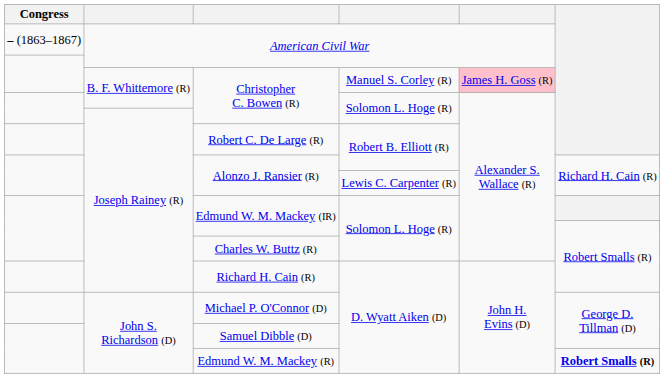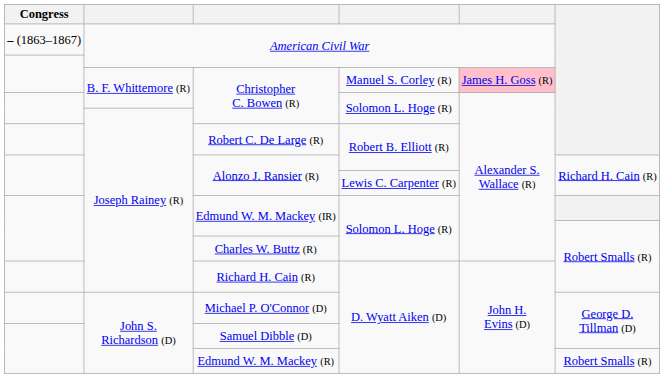 <table class="wikitable" style="text-align:center">
 <tr>
 <th>Congress</th>
 <th></th>
 <th></th>
 <th></th>
 <th></th>
 <th rowspan=7 style=vertical-align:bottom></th>
 </tr>
 <tr style="height:2.5em">
 <td><strong>–</strong> (1863–1867)</td>
 <td colspan="4" rowspan="2"><em><a href='#'>American Civil War</a></em></td>
 </tr>
 <tr style="height:1em">
 <td rowspan="2"><strong></strong> </td>
 </tr>
 <tr style="height:2em">
 <td rowspan="2" ><a href='#'>B. F. Whittemore</a> <small>(R)</small></td>
 <td rowspan="3" ><a href='#'>Christopher<br>C. Bowen</a> <small>(R)</small></td>
 <td><a href='#'>Manuel S. Corley</a> <small>(R)</small></td>
 <td style="background: pink;"><a href='#'>James H. Goss</a> <small>(R)</small></td>
 </tr>
 <tr style="height:1.25em">
 <td rowspan="2"><strong></strong> </td>
 <td rowspan="2" ><a href='#'>Solomon L. Hoge</a> <small>(R)</small></td>
 <td rowspan="8" ><a href='#'>Alexander S.<br>Wallace</a> <small>(R)</small></td>
 </tr>
 <tr style="height:1.25em">
 <td rowspan="8" ><a href='#'>Joseph Rainey</a> <small>(R)</small></td>
 </tr>
 <tr style="height:2.5em">
 <td><strong></strong> </td>
 <td><a href='#'>Robert C. De Large</a> <small>(R)</small></td>
 <td rowspan="2" ><a href='#'>Robert B. Elliott</a> <small>(R)</small></td>
 </tr>
 <tr style="height:1.25em">
 <td rowspan="2"><strong></strong> </td>
 <td rowspan="2" ><a href='#'>Alonzo J. Ransier</a> <small>(R)</small></td>
 <td rowspan="2" ><a href='#'>Richard H. Cain</a> <small>(R)</small></td>
 </tr>
 <tr style="height:2em">
 <td><a href='#'>Lewis C. Carpenter</a> <small>(R)</small></td>
 </tr>
 <tr style="height:2em">
 <td rowspan="3"><strong></strong> </td>
 <td rowspan="2" ><a href='#'>Edmund W. M. Mackey</a> <small>(IR)</small></td>
 <td rowspan="3" ><a href='#'>Solomon L. Hoge</a> <small>(R)</small></td>
 <th></th>
 </tr>
 <tr style="height:1.25em">
 <td rowspan="3" ><a href='#'>Robert Smalls</a> <small>(R)</small></td>
 </tr>
 <tr style="height:2em">
 <td><a href='#'>Charles W. Buttz</a> <small>(R)</small></td>
 </tr>
 <tr style="height:2.5em">
 <td><strong></strong> </td>
 <td><a href='#'>Richard H. Cain</a> <small>(R)</small></td>
 <td rowspan="4" ><a href='#'>D. Wyatt Aiken</a> <small>(D)</small></td>
 <td rowspan="4" ><a href='#'>John H.<br>Evins</a> <small>(D)</small></td>
 </tr>
 <tr style="height:2.5em">
 <td><strong></strong> </td>
 <td rowspan="3" ><a href='#'>John S.<br>Richardson</a> <small>(D)</small></td>
 <td><a href='#'>Michael P. O'Connor</a> <small>(D)</small></td>
 <td rowspan="2" ><a href='#'>George D.<br>Tillman</a> <small>(D)</small></td>
 </tr>
 <tr style="height:2em">
 <td rowspan="2"><strong></strong> </td>
 <td><a href='#'>Samuel Dibble</a> <small>(D)</small></td>
 </tr>
 <tr style="height:2em">
 <td><a href='#'>Edmund W. M. Mackey</a> <small>(R)</small></td>
-<td><strong><a href='#'>Robert Smalls</a> <small>(R)</small></strong></td>
+<td><a href='#'>Robert Smalls</a> <small>(R)</small></td>
 </tr>
 </table>
